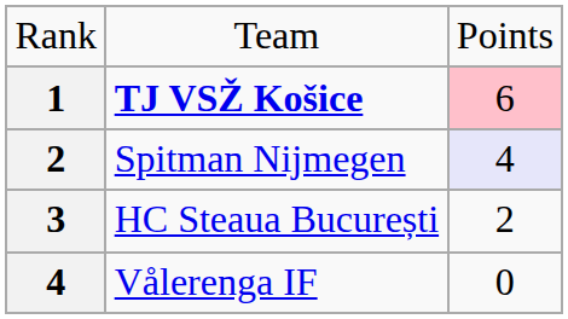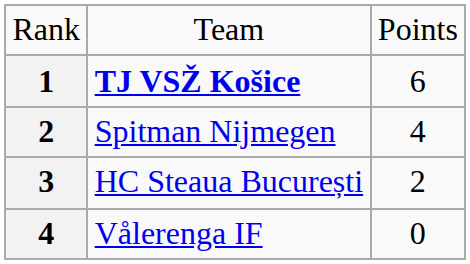 <table class="wikitable" style="text-align: center;">
 <tr>
 <td>Rank</td>
 <td>Team</td>
 <td>Points</td>
 </tr>
 <tr>
 <th>1</th>
 <td style="text-align: left;"> <strong><a href='#'>TJ VSŽ Košice</a></strong></td>
-<td style="background: pink;">6</td>
+<td>6</td>
 </tr>
 <tr>
 <th>2</th>
 <td style="text-align: left;"> <a href='#'>Spitman Nijmegen</a></td>
-<td style="background: lavender;">4</td>
+<td>4</td>
 </tr>
 <tr>
 <th>3</th>
 <td style="text-align: left;"> <a href='#'>HC Steaua București</a></td>
 <td>2</td>
 </tr>
 <tr>
 <th>4</th>
 <td style="text-align: left;"> <a href='#'>Vålerenga IF</a></td>
 <td>0</td>
 </tr>
 </table>
